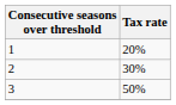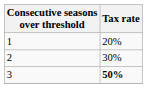 <table class="wikitable">
 <tr>
 <th>Consecutive seasons <br>over threshold</th>
 <th>Tax rate</th>
 </tr>
 <tr>
 <td>1</td>
 <td>20%</td>
 </tr>
 <tr>
 <td>2</td>
 <td>30%</td>
 </tr>
 <tr>
 <td>3</td>
-<td>50%</td>
+<td><strong>50%</strong></td>
 </tr>
 <tr>
 </tr>
 </table>
